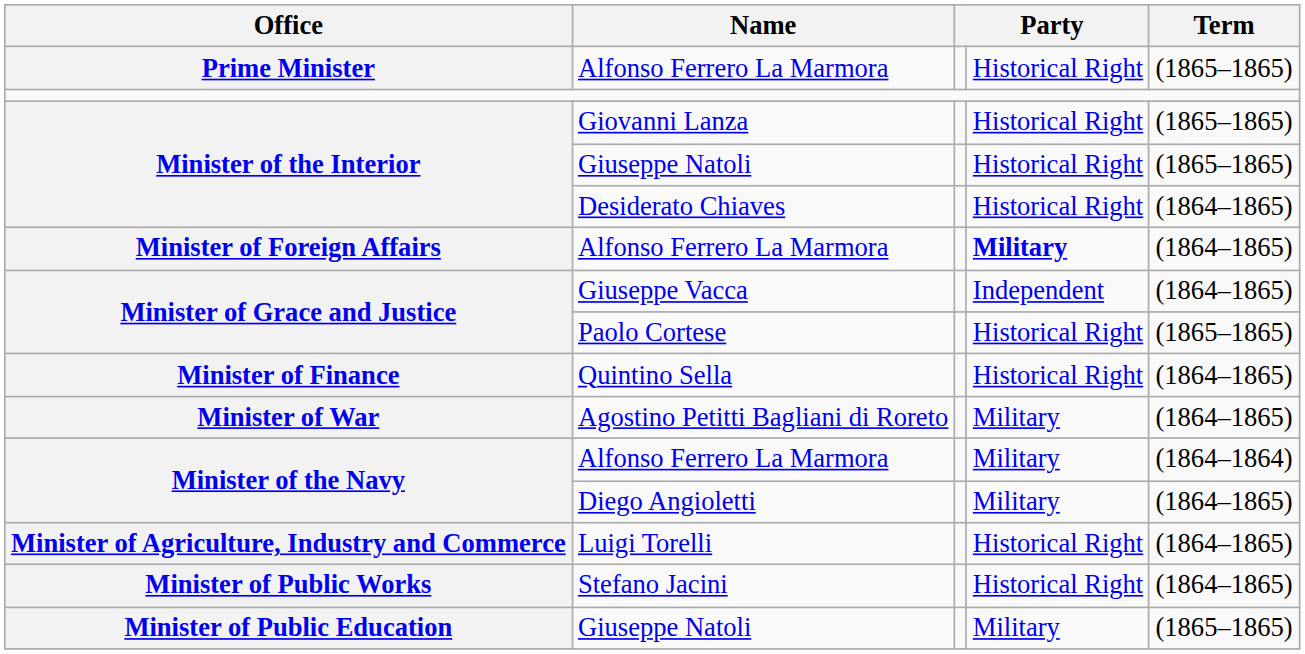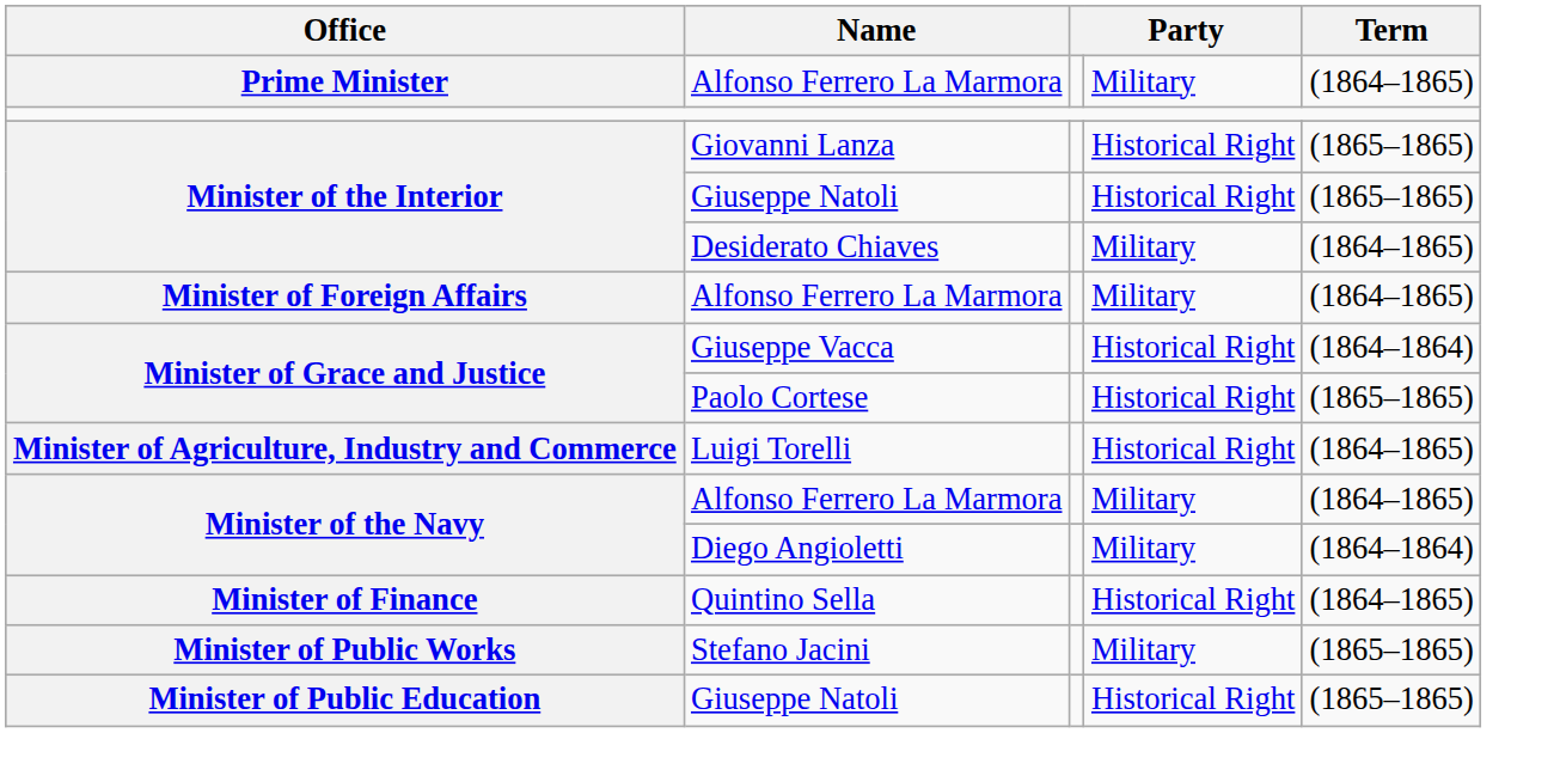 <table class="wikitable" style="font-size: 100%;">
 <tr>
 <th>Office</th>
 <th>Name</th>
 <th colspan=2>Party</th>
 <th>Term</th>
 </tr>
 <tr>
 <th><a href='#'>Prime Minister</a></th>
 <td><a href='#'>Alfonso Ferrero La Marmora</a></td>
 <td style="color:inherit;background:"></td>
-<td><a href='#'>Historical Right</a></td>
-<td>(1865–1865)</td>
+<td><a href='#'>Military</a></td>
+<td>(1864–1865)</td>
 </tr>
 <tr>
 <td colspan=5></td>
 </tr>
 <tr>
 <th rowspan=3><a href='#'>Minister of the Interior</a></th>
 <td><a href='#'>Giovanni Lanza</a></td>
 <td style="color:inherit;background:"></td>
 <td><a href='#'>Historical Right</a></td>
 <td>(1865–1865)</td>
 </tr>
 <tr>
 <td><a href='#'>Giuseppe Natoli</a></td>
 <td style="color:inherit;background:"></td>
 <td><a href='#'>Historical Right</a></td>
 <td>(1865–1865)</td>
 </tr>
 <tr>
 <td><a href='#'>Desiderato Chiaves</a></td>
 <td style="color:inherit;background:"></td>
-<td><a href='#'>Historical Right</a></td>
+<td><a href='#'>Military</a></td>
 <td>(1864–1865)</td>
 </tr>
 <tr>
 <th><a href='#'>Minister of Foreign Affairs</a></th>
 <td><a href='#'>Alfonso Ferrero La Marmora</a></td>
 <td style="color:inherit;background:"></td>
-<td><strong><a href='#'>Military</a></strong></td>
+<td><a href='#'>Military</a></td>
 <td>(1864–1865)</td>
 </tr>
 <tr>
 <th rowspan=2><a href='#'>Minister of Grace and Justice</a></th>
 <td><a href='#'>Giuseppe Vacca</a></td>
 <td style="color:inherit;background:"></td>
-<td><a href='#'>Independent</a></td>
-<td>(1864–1865)</td>
+<td><a href='#'>Historical Right</a></td>
+<td>(1864–1864)</td>
 </tr>
 <tr>
 <td><a href='#'>Paolo Cortese</a></td>
 <td style="color:inherit;background:"></td>
 <td><a href='#'>Historical Right</a></td>
 <td>(1865–1865)</td>
+</tr>
+<tr>
+<th><a href='#'>Minister of Agriculture, Industry and Commerce</a></th>
+<td><a href='#'>Luigi Torelli</a></td>
+<td style="color:inherit;background:"></td>
+<td><a href='#'>Historical Right</a></td>
+<td>(1864–1865)</td>
+</tr>
+<tr>
+<th rowspan=2><a href='#'>Minister of the Navy</a></th>
+<td><a href='#'>Alfonso Ferrero La Marmora</a></td>
+<td style="color:inherit;background:"></td>
+<td><a href='#'>Military</a></td>
+<td>(1864–1865)</td>
+</tr>
+<tr>
+<td><a href='#'>Diego Angioletti</a></td>
+<td style="color:inherit;background:"></td>
+<td><a href='#'>Military</a></td>
+<td>(1864–1864)</td>
 </tr>
 <tr>
 <th><a href='#'>Minister of Finance</a></th>
 <td><a href='#'>Quintino Sella</a></td>
 <td style="color:inherit;background:"></td>
 <td><a href='#'>Historical Right</a></td>
 <td>(1864–1865)</td>
 </tr>
 <tr>
-<th><a href='#'>Minister of War</a></th>
-<td><a href='#'>Agostino Petitti Bagliani di Roreto</a></td>
-<td style="color:inherit;background:"></td>
-<td><a href='#'>Military</a></td>
-<td>(1864–1865)</td>
-</tr>
-<tr>
-<th rowspan=2><a href='#'>Minister of the Navy</a></th>
-<td><a href='#'>Alfonso Ferrero La Marmora</a></td>
-<td style="color:inherit;background:"></td>
-<td><a href='#'>Military</a></td>
-<td>(1864–1864)</td>
-</tr>
-<tr>
-<td><a href='#'>Diego Angioletti</a></td>
-<td style="color:inherit;background:"></td>
-<td><a href='#'>Military</a></td>
-<td>(1864–1865)</td>
-</tr>
-<tr>
-<th><a href='#'>Minister of Agriculture, Industry and Commerce</a></th>
-<td><a href='#'>Luigi Torelli</a></td>
-<td style="color:inherit;background:"></td>
-<td><a href='#'>Historical Right</a></td>
-<td>(1864–1865)</td>
-</tr>
-<tr>
 <th><a href='#'>Minister of Public Works</a></th>
 <td><a href='#'>Stefano Jacini</a></td>
 <td style="color:inherit;background:"></td>
-<td><a href='#'>Historical Right</a></td>
-<td>(1864–1865)</td>
+<td><a href='#'>Military</a></td>
+<td>(1865–1865)</td>
 </tr>
 <tr>
 <th><a href='#'>Minister of Public Education</a></th>
 <td><a href='#'>Giuseppe Natoli</a></td>
 <td style="color:inherit;background:"></td>
-<td><a href='#'>Military</a></td>
+<td><a href='#'>Historical Right</a></td>
 <td>(1865–1865)</td>
 </tr>
 </table>
